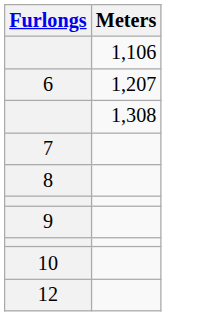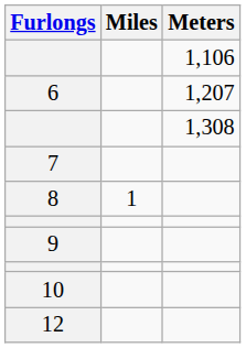 <table class="wikitable" style="vertical-align:top; text-align:center;">
 <tr>
 <th scope= "col"><a href='#'>Furlongs</a></th>
+<th scope= "col">Miles</th>
 <th scope= "col">Meters</th>
 </tr>
 <tr>
 <th scope="row" style="font-weight:normal;"></th>
+<td></td>
 <td style="text-align:right;">1,106</td>
 </tr>
 <tr>
 <th scope="row" style="font-weight:normal;">6</th>
+<td></td>
 <td style="text-align:right;">1,207</td>
 </tr>
 <tr>
 <th scope="row" style="font-weight:normal;"></th>
+<td></td>
 <td style="text-align:right;">1,308</td>
 </tr>
 <tr>
 <th scope="row" style="font-weight:normal;">7</th>
+<td></td>
 <td style="text-align:right;"></td>
 </tr>
 <tr>
 <th scope="row" style="font-weight:normal;">8</th>
+<td>1</td>
 <td style="text-align:right;"></td>
 </tr>
 <tr>
 <th scope="row" style="font-weight:normal;"></th>
+<td></td>
 <td style="text-align:right;"></td>
 </tr>
 <tr>
 <th scope="row" style="font-weight:normal;">9</th>
+<td></td>
 <td style="text-align:right;"></td>
 </tr>
 <tr>
 <th scope="row" style="font-weight:normal;"></th>
+<td></td>
 <td style="text-align:right;"></td>
 </tr>
 <tr>
 <th scope="row" style="font-weight:normal;">10</th>
+<td></td>
 <td style="text-align:right;"></td>
 </tr>
 <tr>
 <th scope="row" style="font-weight:normal;">12</th>
+<td></td>
 <td style="text-align:right;"></td>
 </tr>
 </table>
